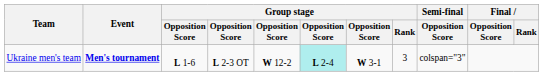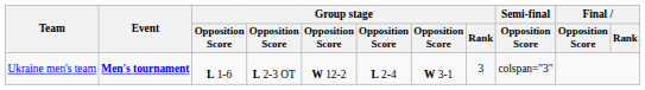 <table class="wikitable" style="font-size:90%">
 <tr>
 <th rowspan=2>Team</th>
 <th rowspan=2>Event</th>
 <th colspan=6>Group stage</th>
 <th>Semi-final</th>
 <th colspan=2>Final / </th>
 </tr>
 <tr style="font-size:95%">
 <th>Opposition<br>Score</th>
 <th>Opposition<br>Score</th>
 <th>Opposition<br>Score</th>
 <th>Opposition<br>Score</th>
 <th>Opposition<br>Score</th>
 <th>Rank</th>
 <th>Opposition<br>Score</th>
 <th>Opposition<br>Score</th>
 <th>Rank</th>
 </tr>
 <tr align=center>
 <td align=left><a href='#'>Ukraine men's team</a></td>
 <td align=left><strong><a href='#'>Men's tournament</a></strong></td>
 <td><br><strong>L</strong> 1-6</td>
 <td><br><strong>L</strong> 2-3 OT</td>
 <td><br><strong>W</strong> 12-2</td>
-<td style="background: paleturquoise;"><br><strong>L</strong> 2-4</td>
+<td><br><strong>L</strong> 2-4</td>
 <td><br><strong>W</strong> 3-1</td>
 <td>3</td>
 <td>colspan="3" </td>
 </tr>
 </table>
